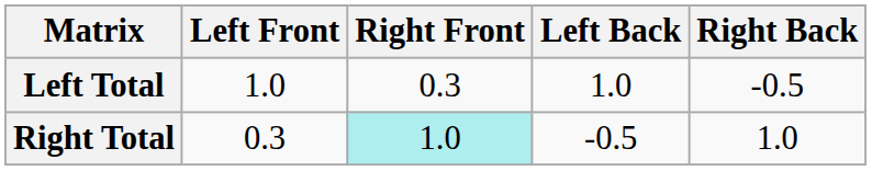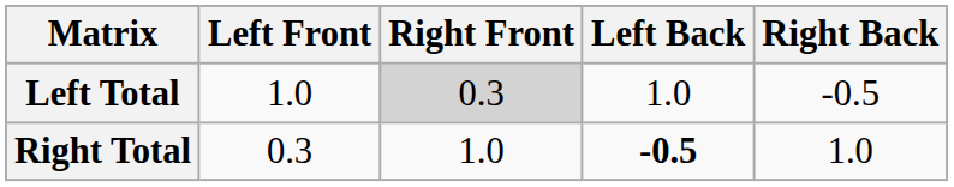 <table class="wikitable" style="text-align:center">
 <tr>
 <th>Matrix</th>
 <th>Left Front</th>
 <th>Right Front</th>
 <th>Left Back</th>
 <th>Right Back</th>
 </tr>
 <tr>
 <th>Left Total</th>
 <td>1.0</td>
-<td>0.3</td>
+<td style="background: lightgrey;">0.3</td>
 <td>1.0</td>
 <td>-0.5</td>
 </tr>
 <tr>
 <th>Right Total</th>
 <td>0.3</td>
-<td style="background: paleturquoise;">1.0</td>
-<td>-0.5</td>
+<td>1.0</td>
+<td><strong>-0.5</strong></td>
 <td>1.0</td>
 </tr>
 </table>
